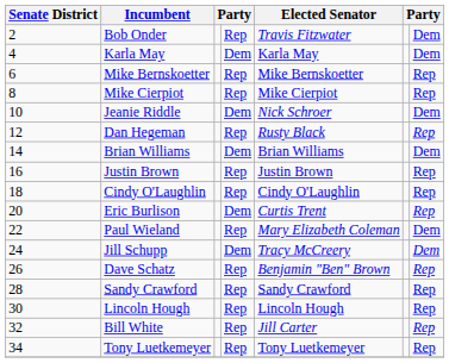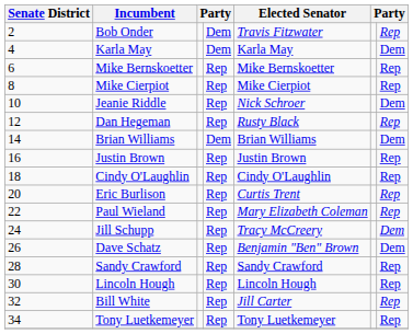 <table class="sortable wikitable" style="font-size:95%;line-height:14px;">
 <tr>
 <th colspan="1" class="sortable"><a href='#'>Senate</a> District</th>
 <th class="unsortable"><a href='#'>Incumbent</a></th>
 <th colspan="2">Party</th>
 <th class="unsortable">Elected Senator</th>
 <th colspan="2">Party</th>
 </tr>
 <tr>
 <td>2</td>
 <td><a href='#'>Bob Onder</a></td>
 <td style="background:"></td>
-<td><a href='#'>Rep</a></td>
+<td><a href='#'>Dem</a></td>
 <td><em><a href='#'>Travis Fitzwater</a></em></td>
 <td style="background:"></td>
-<td><a href='#'>Dem</a></td>
+<td><em><a href='#'>Rep</a></em></td>
 </tr>
 <tr>
 <td>4</td>
 <td><a href='#'>Karla May</a></td>
 <td style="background:"></td>
 <td><a href='#'>Dem</a></td>
 <td><a href='#'>Karla May</a></td>
 <td style="background:"></td>
 <td><a href='#'>Dem</a></td>
 </tr>
 <tr>
 <td>6</td>
 <td><a href='#'>Mike Bernskoetter</a></td>
 <td style="background:"></td>
 <td><a href='#'>Rep</a></td>
 <td><a href='#'>Mike Bernskoetter</a></td>
 <td style="background:"></td>
 <td><a href='#'>Rep</a></td>
 </tr>
 <tr>
 <td>8</td>
 <td><a href='#'>Mike Cierpiot</a></td>
 <td style="background:"></td>
 <td><a href='#'>Rep</a></td>
 <td><a href='#'>Mike Cierpiot</a></td>
 <td style="background:"></td>
 <td><a href='#'>Rep</a></td>
 </tr>
 <tr>
 <td>10</td>
 <td><a href='#'>Jeanie Riddle</a></td>
 <td style="background:"></td>
-<td><a href='#'>Dem</a></td>
+<td><a href='#'>Rep</a></td>
 <td><em><a href='#'>Nick Schroer</a></em></td>
 <td style="background:"></td>
 <td><a href='#'>Dem</a></td>
 </tr>
 <tr>
 <td>12</td>
 <td><a href='#'>Dan Hegeman</a></td>
 <td style="background:"></td>
 <td><a href='#'>Rep</a></td>
 <td><em><a href='#'>Rusty Black</a></em></td>
 <td style="background:"></td>
 <td><em><a href='#'>Rep</a></em></td>
 </tr>
 <tr>
 <td>14</td>
 <td><a href='#'>Brian Williams</a></td>
 <td style="background:"></td>
 <td><a href='#'>Dem</a></td>
 <td><a href='#'>Brian Williams</a></td>
 <td style="background:"></td>
 <td><a href='#'>Dem</a></td>
 </tr>
 <tr>
 <td>16</td>
 <td><a href='#'>Justin Brown</a></td>
 <td style="background:"></td>
 <td><a href='#'>Rep</a></td>
 <td><a href='#'>Justin Brown</a></td>
 <td style="background:"></td>
 <td><a href='#'>Rep</a></td>
 </tr>
 <tr>
 <td>18</td>
 <td><a href='#'>Cindy O'Laughlin</a></td>
 <td style="background:"></td>
 <td><a href='#'>Rep</a></td>
 <td><a href='#'>Cindy O'Laughlin</a></td>
 <td style="background:"></td>
 <td><a href='#'>Rep</a></td>
 </tr>
 <tr>
 <td>20</td>
 <td><a href='#'>Eric Burlison</a></td>
 <td style="background:"></td>
-<td><a href='#'>Dem</a></td>
+<td><a href='#'>Rep</a></td>
 <td><em><a href='#'>Curtis Trent</a></em></td>
 <td style="background:"></td>
 <td><em><a href='#'>Rep</a></em></td>
 </tr>
 <tr>
 <td>22</td>
 <td><a href='#'>Paul Wieland</a></td>
 <td style="background:"></td>
 <td><a href='#'>Rep</a></td>
 <td><em><a href='#'>Mary Elizabeth Coleman</a></em></td>
 <td style="background:"></td>
-<td><a href='#'>Dem</a></td>
+<td><em><a href='#'>Rep</a></em></td>
 </tr>
 <tr>
 <td>24</td>
 <td><a href='#'>Jill Schupp</a></td>
 <td style="background:"></td>
-<td><a href='#'>Dem</a></td>
+<td><a href='#'>Rep</a></td>
 <td><em><a href='#'>Tracy McCreery</a></em></td>
 <td style="background:"></td>
 <td><em><a href='#'>Dem</a></em></td>
 </tr>
 <tr>
 <td>26</td>
 <td><a href='#'>Dave Schatz</a></td>
 <td style="background:"></td>
 <td><a href='#'>Rep</a></td>
 <td><em><a href='#'>Benjamin "Ben" Brown</a></em></td>
 <td style="background:"></td>
-<td><em><a href='#'>Rep</a></em></td>
+<td><a href='#'>Dem</a></td>
 </tr>
 <tr>
 <td>28</td>
 <td><a href='#'>Sandy Crawford</a></td>
 <td style="background:"></td>
 <td><a href='#'>Rep</a></td>
 <td><a href='#'>Sandy Crawford</a></td>
 <td style="background:"></td>
 <td><a href='#'>Rep</a></td>
 </tr>
 <tr>
 <td>30</td>
 <td><a href='#'>Lincoln Hough</a></td>
 <td style="background:"></td>
 <td><a href='#'>Rep</a></td>
 <td><a href='#'>Lincoln Hough</a></td>
 <td style="background:"></td>
 <td><a href='#'>Rep</a></td>
 </tr>
 <tr>
 <td>32</td>
 <td><a href='#'>Bill White</a></td>
 <td style="background:"></td>
 <td><a href='#'>Rep</a></td>
 <td><em><a href='#'>Jill Carter</a></em></td>
 <td style="background:"></td>
 <td><em><a href='#'>Rep</a></em></td>
 </tr>
 <tr>
 <td>34</td>
 <td><a href='#'>Tony Luetkemeyer</a></td>
 <td style="background:"></td>
 <td><a href='#'>Rep</a></td>
 <td><a href='#'>Tony Luetkemeyer</a></td>
 <td style="background:"></td>
 <td><a href='#'>Rep</a></td>
 </tr>
 <tr>
 </tr>
 </table>
